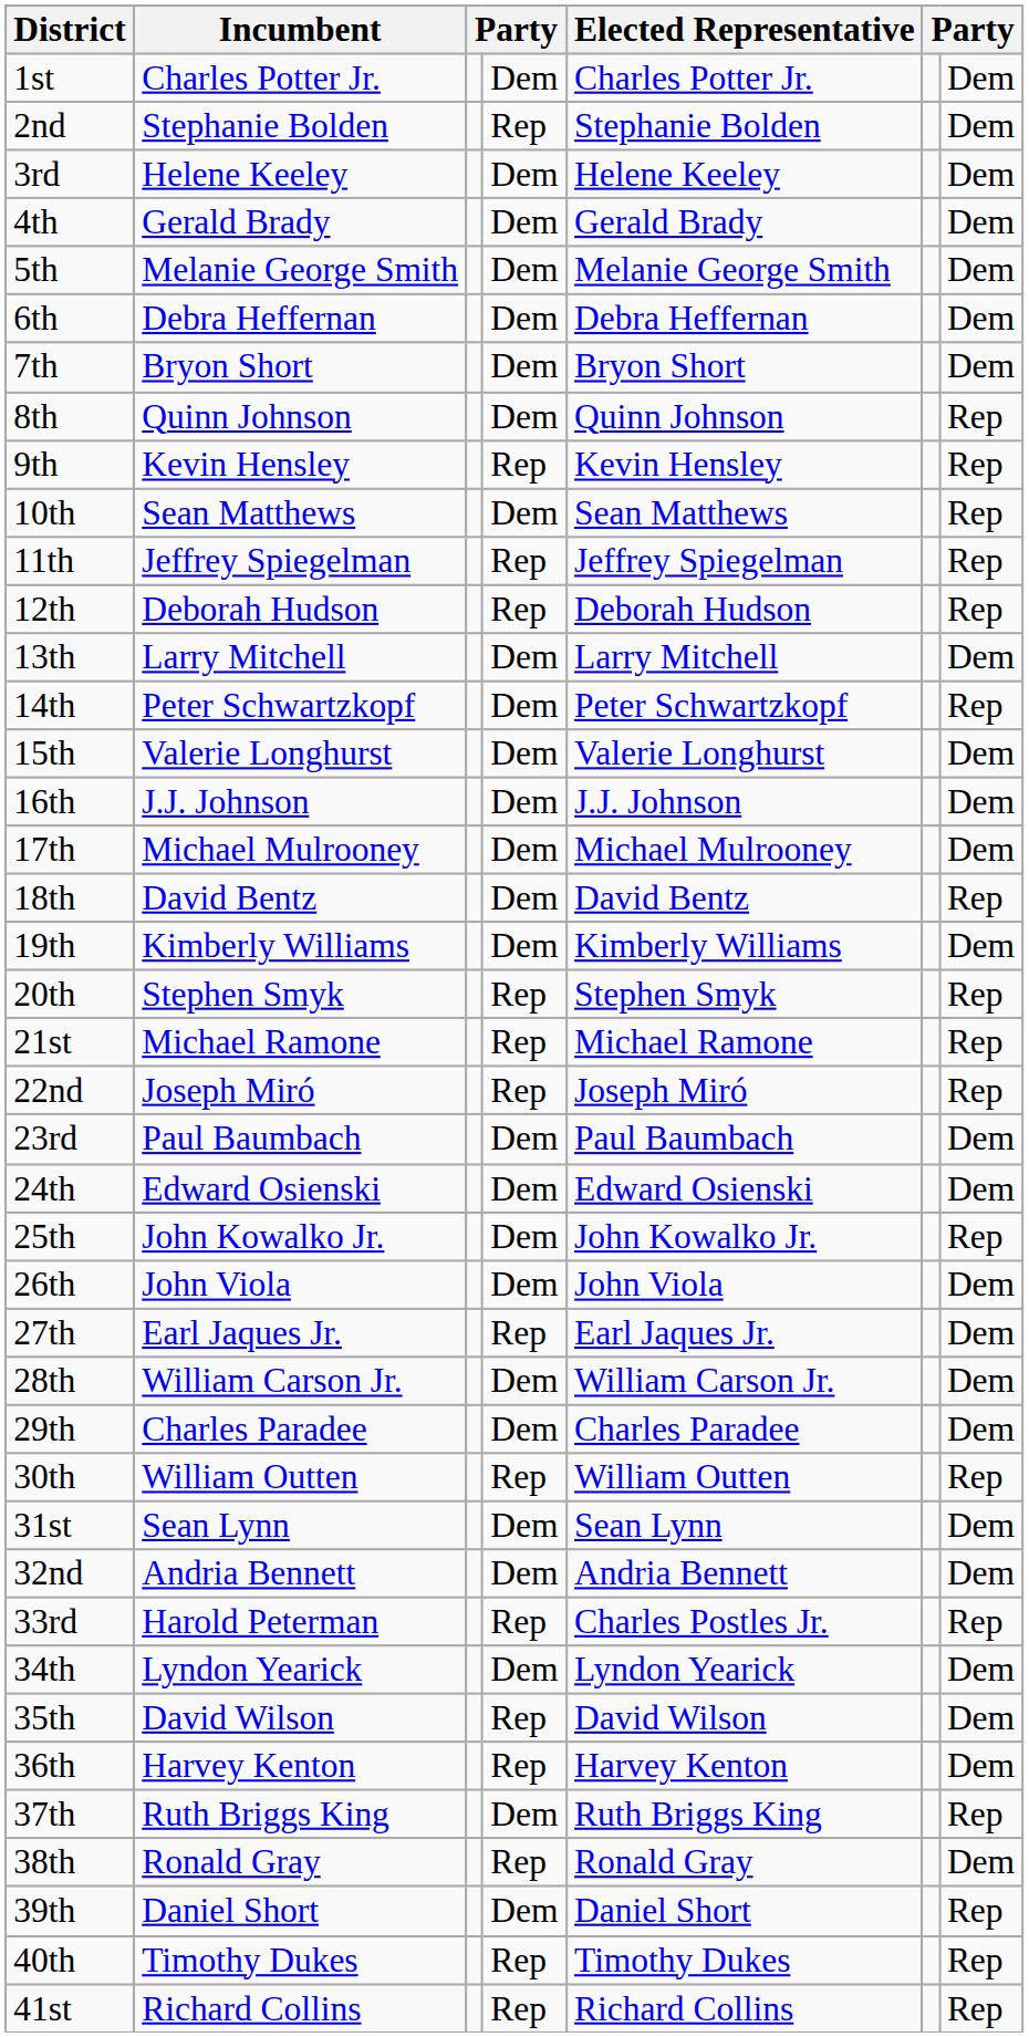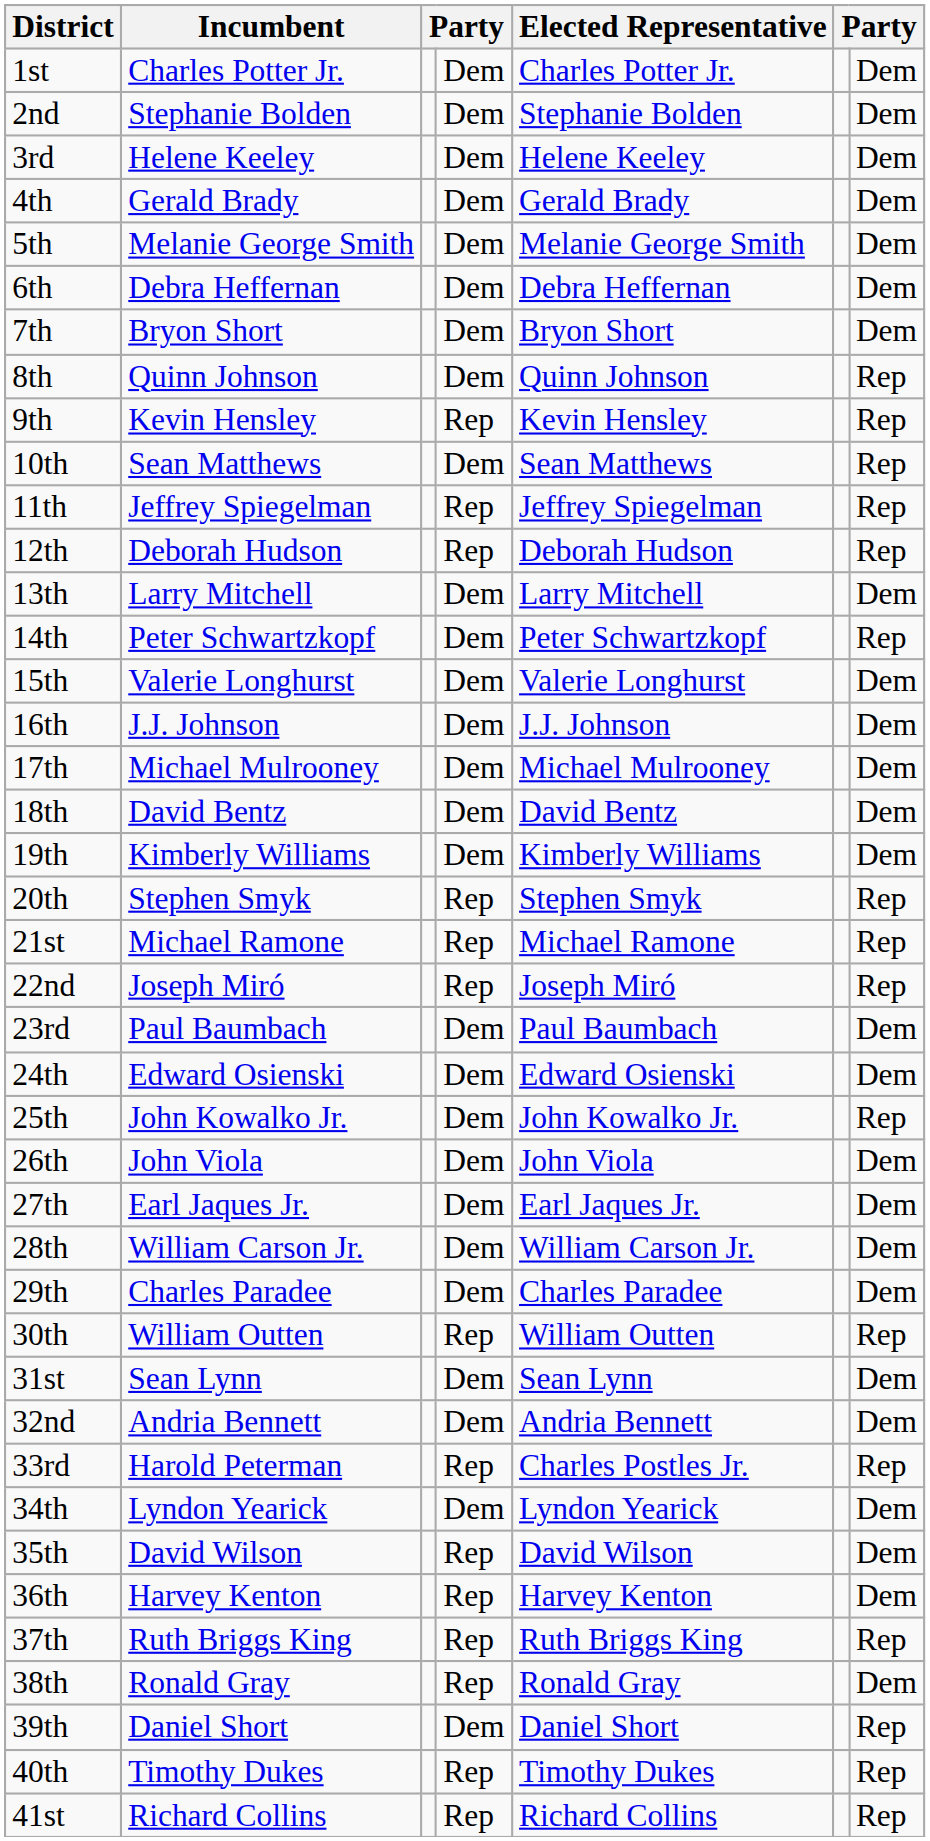 <table class="sortable wikitable" style="font-size:95%;line-height:14px;">
 <tr>
 <th class="sortable">District</th>
 <th class="unsortable">Incumbent</th>
 <th colspan="2">Party</th>
 <th class="unsortable">Elected Representative</th>
 <th colspan="2">Party</th>
 </tr>
 <tr>
 <td>1st</td>
 <td><a href='#'>Charles Potter Jr.</a></td>
 <td style="background:"></td>
 <td>Dem</td>
 <td><a href='#'>Charles Potter Jr.</a></td>
 <td style="background:"></td>
 <td>Dem</td>
 </tr>
 <tr>
 <td>2nd</td>
 <td><a href='#'>Stephanie Bolden</a></td>
 <td style="background:"></td>
-<td>Rep</td>
+<td>Dem</td>
 <td><a href='#'>Stephanie Bolden</a></td>
 <td style="background:"></td>
 <td>Dem</td>
 </tr>
 <tr>
 <td>3rd</td>
 <td><a href='#'>Helene Keeley</a></td>
 <td style="background:"></td>
 <td>Dem</td>
 <td><a href='#'>Helene Keeley</a></td>
 <td style="background:"></td>
 <td>Dem</td>
 </tr>
 <tr>
 <td>4th</td>
 <td><a href='#'>Gerald Brady</a></td>
 <td style="background:"></td>
 <td>Dem</td>
 <td><a href='#'>Gerald Brady</a></td>
 <td style="background:"></td>
 <td>Dem</td>
 </tr>
 <tr>
 <td>5th</td>
 <td><a href='#'>Melanie George Smith</a></td>
 <td style="background:"></td>
 <td>Dem</td>
 <td><a href='#'>Melanie George Smith</a></td>
 <td style="background:"></td>
 <td>Dem</td>
 </tr>
 <tr>
 <td>6th</td>
 <td><a href='#'>Debra Heffernan</a></td>
 <td style="background:"></td>
 <td>Dem</td>
 <td><a href='#'>Debra Heffernan</a></td>
 <td style="background:"></td>
 <td>Dem</td>
 </tr>
 <tr>
 <td>7th</td>
 <td><a href='#'>Bryon Short</a></td>
 <td style="background:"></td>
 <td>Dem</td>
 <td><a href='#'>Bryon Short</a></td>
 <td style="background:"></td>
 <td>Dem</td>
 </tr>
 <tr>
 <td>8th</td>
 <td><a href='#'>Quinn Johnson</a></td>
 <td style="background:"></td>
 <td>Dem</td>
 <td><a href='#'>Quinn Johnson</a></td>
 <td style="background:"></td>
 <td>Rep</td>
 </tr>
 <tr>
 <td>9th</td>
 <td><a href='#'>Kevin Hensley</a></td>
 <td style="background:"></td>
 <td>Rep</td>
 <td><a href='#'>Kevin Hensley</a></td>
 <td style="background:"></td>
 <td>Rep</td>
 </tr>
 <tr>
 <td>10th</td>
 <td><a href='#'>Sean Matthews</a></td>
 <td style="background:"></td>
 <td>Dem</td>
 <td><a href='#'>Sean Matthews</a></td>
 <td style="background:"></td>
 <td>Rep</td>
 </tr>
 <tr>
 <td>11th</td>
 <td><a href='#'>Jeffrey Spiegelman</a></td>
 <td style="background:"></td>
 <td>Rep</td>
 <td><a href='#'>Jeffrey Spiegelman</a></td>
 <td style="background:"></td>
 <td>Rep</td>
 </tr>
 <tr>
 <td>12th</td>
 <td><a href='#'>Deborah Hudson</a></td>
 <td style="background:"></td>
 <td>Rep</td>
 <td><a href='#'>Deborah Hudson</a></td>
 <td style="background:"></td>
 <td>Rep</td>
 </tr>
 <tr>
 <td>13th</td>
 <td><a href='#'>Larry Mitchell</a></td>
 <td style="background:"></td>
 <td>Dem</td>
 <td><a href='#'>Larry Mitchell</a></td>
 <td style="background:"></td>
 <td>Dem</td>
 </tr>
 <tr>
 <td>14th</td>
 <td><a href='#'>Peter Schwartzkopf</a></td>
 <td style="background:"></td>
 <td>Dem</td>
 <td><a href='#'>Peter Schwartzkopf</a></td>
 <td style="background:"></td>
 <td>Rep</td>
 </tr>
 <tr>
 <td>15th</td>
 <td><a href='#'>Valerie Longhurst</a></td>
 <td style="background:"></td>
 <td>Dem</td>
 <td><a href='#'>Valerie Longhurst</a></td>
 <td style="background:"></td>
 <td>Dem</td>
 </tr>
 <tr>
 <td>16th</td>
 <td><a href='#'>J.J. Johnson</a></td>
 <td style="background:"></td>
 <td>Dem</td>
 <td><a href='#'>J.J. Johnson</a></td>
 <td style="background:"></td>
 <td>Dem</td>
 </tr>
 <tr>
 <td>17th</td>
 <td><a href='#'>Michael Mulrooney</a></td>
 <td style="background:"></td>
 <td>Dem</td>
 <td><a href='#'>Michael Mulrooney</a></td>
 <td style="background:"></td>
 <td>Dem</td>
 </tr>
 <tr>
 <td>18th</td>
 <td><a href='#'>David Bentz</a></td>
 <td style="background:"></td>
 <td>Dem</td>
 <td><a href='#'>David Bentz</a></td>
 <td style="background:"></td>
-<td>Rep</td>
+<td>Dem</td>
 </tr>
 <tr>
 <td>19th</td>
 <td><a href='#'>Kimberly Williams</a></td>
 <td style="background:"></td>
 <td>Dem</td>
 <td><a href='#'>Kimberly Williams</a></td>
 <td style="background:"></td>
 <td>Dem</td>
 </tr>
 <tr>
 <td>20th</td>
 <td><a href='#'>Stephen Smyk</a></td>
 <td style="background:"></td>
 <td>Rep</td>
 <td><a href='#'>Stephen Smyk</a></td>
 <td style="background:"></td>
 <td>Rep</td>
 </tr>
 <tr>
 <td>21st</td>
 <td><a href='#'>Michael Ramone</a></td>
 <td style="background:"></td>
 <td>Rep</td>
 <td><a href='#'>Michael Ramone</a></td>
 <td style="background:"></td>
 <td>Rep</td>
 </tr>
 <tr>
 <td>22nd</td>
 <td><a href='#'>Joseph Miró</a></td>
 <td style="background:"></td>
 <td>Rep</td>
 <td><a href='#'>Joseph Miró</a></td>
 <td style="background:"></td>
 <td>Rep</td>
 </tr>
 <tr>
 <td>23rd</td>
 <td><a href='#'>Paul Baumbach</a></td>
 <td style="background:"></td>
 <td>Dem</td>
 <td><a href='#'>Paul Baumbach</a></td>
 <td style="background:"></td>
 <td>Dem</td>
 </tr>
 <tr>
 <td>24th</td>
 <td><a href='#'>Edward Osienski</a></td>
 <td style="background:"></td>
 <td>Dem</td>
 <td><a href='#'>Edward Osienski</a></td>
 <td style="background:"></td>
 <td>Dem</td>
 </tr>
 <tr>
 <td>25th</td>
 <td><a href='#'>John Kowalko Jr.</a></td>
 <td style="background:"></td>
 <td>Dem</td>
 <td><a href='#'>John Kowalko Jr.</a></td>
 <td style="background:"></td>
 <td>Rep</td>
 </tr>
 <tr>
 <td>26th</td>
 <td><a href='#'>John Viola</a></td>
 <td style="background:"></td>
 <td>Dem</td>
 <td><a href='#'>John Viola</a></td>
 <td style="background:"></td>
 <td>Dem</td>
 </tr>
 <tr>
 <td>27th</td>
 <td><a href='#'>Earl Jaques Jr.</a></td>
 <td style="background:"></td>
-<td>Rep</td>
+<td>Dem</td>
 <td><a href='#'>Earl Jaques Jr.</a></td>
 <td style="background:"></td>
 <td>Dem</td>
 </tr>
 <tr>
 <td>28th</td>
 <td><a href='#'>William Carson Jr.</a></td>
 <td style="background:"></td>
 <td>Dem</td>
 <td><a href='#'>William Carson Jr.</a></td>
 <td style="background:"></td>
 <td>Dem</td>
 </tr>
 <tr>
 <td>29th</td>
 <td><a href='#'>Charles Paradee</a></td>
 <td style="background:"></td>
 <td>Dem</td>
 <td><a href='#'>Charles Paradee</a></td>
 <td style="background:"></td>
 <td>Dem</td>
 </tr>
 <tr>
 <td>30th</td>
 <td><a href='#'>William Outten</a></td>
 <td style="background:"></td>
 <td>Rep</td>
 <td><a href='#'>William Outten</a></td>
 <td style="background:"></td>
 <td>Rep</td>
 </tr>
 <tr>
 <td>31st</td>
 <td><a href='#'>Sean Lynn</a></td>
 <td style="background:"></td>
 <td>Dem</td>
 <td><a href='#'>Sean Lynn</a></td>
 <td style="background:"></td>
 <td>Dem</td>
 </tr>
 <tr>
 <td>32nd</td>
 <td><a href='#'>Andria Bennett</a></td>
 <td style="background:"></td>
 <td>Dem</td>
 <td><a href='#'>Andria Bennett</a></td>
 <td style="background:"></td>
 <td>Dem</td>
 </tr>
 <tr>
 <td>33rd</td>
 <td><a href='#'>Harold Peterman</a></td>
 <td style="background:"></td>
 <td>Rep</td>
 <td><a href='#'>Charles Postles Jr.</a></td>
 <td style="background:"></td>
 <td>Rep</td>
 </tr>
 <tr>
 <td>34th</td>
 <td><a href='#'>Lyndon Yearick</a></td>
 <td style="background:"></td>
 <td>Dem</td>
 <td><a href='#'>Lyndon Yearick</a></td>
 <td style="background:"></td>
 <td>Dem</td>
 </tr>
 <tr>
 <td>35th</td>
 <td><a href='#'>David Wilson</a></td>
 <td style="background:"></td>
 <td>Rep</td>
 <td><a href='#'>David Wilson</a></td>
 <td style="background:"></td>
 <td>Dem</td>
 </tr>
 <tr>
 <td>36th</td>
 <td><a href='#'>Harvey Kenton</a></td>
 <td style="background:"></td>
 <td>Rep</td>
 <td><a href='#'>Harvey Kenton</a></td>
 <td style="background:"></td>
 <td>Dem</td>
 </tr>
 <tr>
 <td>37th</td>
 <td><a href='#'>Ruth Briggs King</a></td>
 <td style="background:"></td>
-<td>Dem</td>
+<td>Rep</td>
 <td><a href='#'>Ruth Briggs King</a></td>
 <td style="background:"></td>
 <td>Rep</td>
 </tr>
 <tr>
 <td>38th</td>
 <td><a href='#'>Ronald Gray</a></td>
 <td style="background:"></td>
 <td>Rep</td>
 <td><a href='#'>Ronald Gray</a></td>
 <td style="background:"></td>
 <td>Dem</td>
 </tr>
 <tr>
 <td>39th</td>
 <td><a href='#'>Daniel Short</a></td>
 <td style="background:"></td>
 <td>Dem</td>
 <td><a href='#'>Daniel Short</a></td>
 <td style="background:"></td>
 <td>Rep</td>
 </tr>
 <tr>
 <td>40th</td>
 <td><a href='#'>Timothy Dukes</a></td>
 <td style="background:"></td>
 <td>Rep</td>
 <td><a href='#'>Timothy Dukes</a></td>
 <td style="background:"></td>
 <td>Rep</td>
 </tr>
 <tr>
 <td>41st</td>
 <td><a href='#'>Richard Collins</a></td>
 <td style="background:"></td>
 <td>Rep</td>
 <td><a href='#'>Richard Collins</a></td>
 <td style="background:"></td>
 <td>Rep</td>
 </tr>
 <tr>
 </tr>
 </table>
